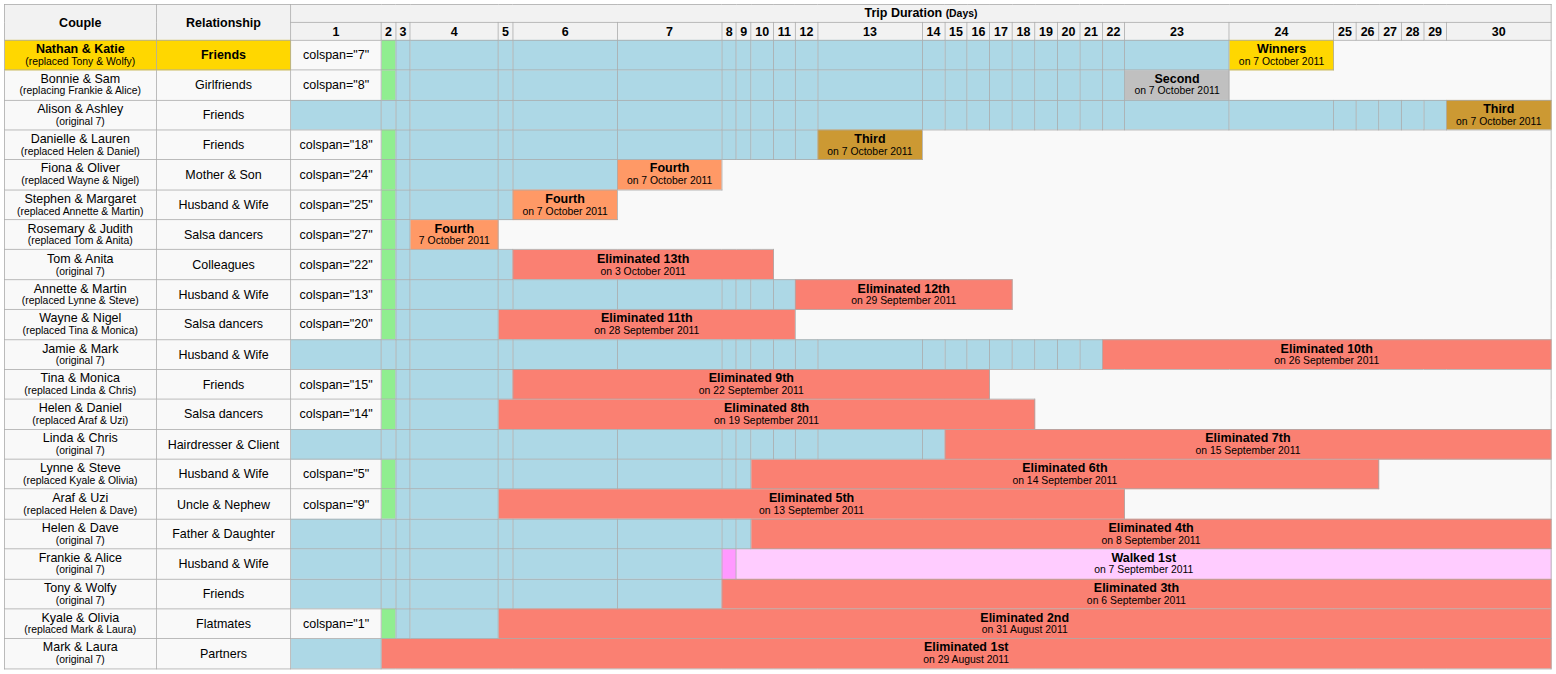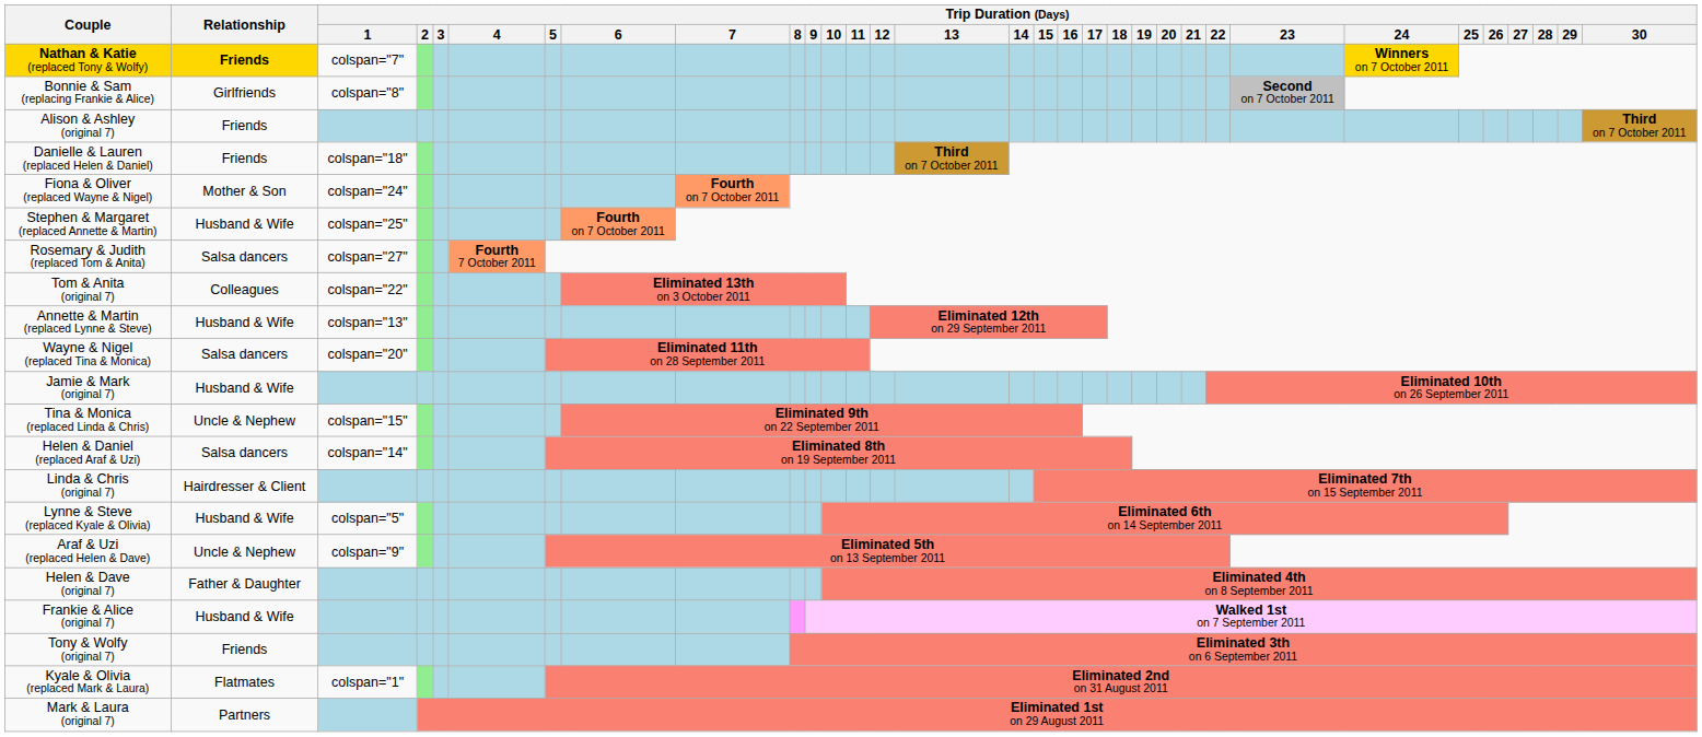 <table class="wikitable" style="text-align:center; width:100%; line-height:15px;">
 <tr>
 <th rowspan="2">Couple</th>
 <th rowspan="2">Relationship</th>
 <th colspan="30">Trip Duration <small>(Days)</small></th>
 </tr>
 <tr>
 <th>1</th>
 <th>2</th>
 <th>3</th>
 <th>4</th>
 <th>5</th>
 <th>6</th>
 <th>7</th>
 <th>8</th>
 <th>9</th>
 <th>10</th>
 <th>11</th>
 <th>12</th>
 <th>13</th>
 <th>14</th>
 <th>15</th>
 <th>16</th>
 <th>17</th>
 <th>18</th>
 <th>19</th>
 <th>20</th>
 <th>21</th>
 <th>22</th>
 <th>23</th>
 <th>24</th>
 <th>25</th>
 <th>26</th>
 <th>27</th>
 <th>28</th>
 <th>29</th>
 <th>30</th>
 </tr>
 <tr>
 <td style="background:gold;"><strong>Nathan & Katie</strong><br><small>(replaced Tony & Wolfy)</small></td>
 <td style="background:gold;"><strong>Friends</strong></td>
 <td>colspan="7" </td>
 <td style="background:lightgreen;"></td>
 <td style="background:lightblue;"></td>
 <td style="background:lightblue;"></td>
 <td style="background:lightblue;"></td>
 <td style="background:lightblue;"></td>
 <td style="background:lightblue;"></td>
 <td style="background:lightblue;"></td>
 <td style="background:lightblue;"></td>
 <td style="background:lightblue;"></td>
 <td style="background:lightblue;"></td>
 <td style="background:lightblue;"></td>
 <td style="background:lightblue;"></td>
 <td style="background:lightblue;"></td>
 <td style="background:lightblue;"></td>
 <td style="background:lightblue;"></td>
 <td style="background:lightblue;"></td>
 <td style="background:lightblue;"></td>
 <td style="background:lightblue;"></td>
 <td style="background:lightblue;"></td>
 <td style="background:lightblue;"></td>
 <td style="background:lightblue;"></td>
 <td style="background:lightblue;"></td>
 <td colspan="1" style="background:gold;"><strong>Winners</strong><br><small>on 7 October 2011</small></td>
 </tr>
 <tr>
 <td>Bonnie & Sam<br><small>(replacing Frankie & Alice)</small></td>
 <td>Girlfriends</td>
 <td>colspan="8" </td>
 <td style="background:lightgreen;"></td>
 <td style="background:lightblue;"></td>
 <td style="background:lightblue;"></td>
 <td style="background:lightblue;"></td>
 <td style="background:lightblue;"></td>
 <td style="background:lightblue;"></td>
 <td style="background:lightblue;"></td>
 <td style="background:lightblue;"></td>
 <td style="background:lightblue;"></td>
 <td style="background:lightblue;"></td>
 <td style="background:lightblue;"></td>
 <td style="background:lightblue;"></td>
 <td style="background:lightblue;"></td>
 <td style="background:lightblue;"></td>
 <td style="background:lightblue;"></td>
 <td style="background:lightblue;"></td>
 <td style="background:lightblue;"></td>
 <td style="background:lightblue;"></td>
 <td style="background:lightblue;"></td>
 <td style="background:lightblue;"></td>
 <td style="background:lightblue;"></td>
 <td colspan="1" style="background:silver;"><strong>Second</strong><br><small>on 7 October 2011</small></td>
 </tr>
 <tr>
 <td>Alison & Ashley<br><small>(original 7)</small></td>
 <td>Friends</td>
 <td style="background:lightblue;”"></td>
 <td style="background:lightblue;"></td>
 <td style="background:lightblue;"></td>
 <td style="background:lightblue;"></td>
 <td style="background:lightblue;"></td>
 <td style="background:lightblue;”"></td>
 <td style="background:lightblue;”"></td>
 <td style="background:lightblue;”"></td>
 <td style="background:lightblue;”"></td>
 <td style="background:lightblue;”"></td>
 <td style="background:lightblue;”"></td>
 <td style="background:lightblue;”"></td>
 <td style="background:lightblue;”"></td>
 <td style="background:lightblue;”"></td>
 <td style="background:lightblue;”"></td>
 <td style="background:lightblue;”"></td>
 <td style="background:lightblue;”"></td>
 <td style="background:lightblue;”"></td>
 <td style="background:lightblue;”"></td>
 <td style="background:lightblue;”"></td>
 <td style="background:lightblue;”"></td>
 <td style="background:lightblue;”"></td>
 <td style="background:lightblue;”"></td>
 <td style="background:lightblue;”"></td>
 <td style="background:lightblue;”"></td>
 <td style="background:lightblue;”"></td>
 <td style="background:lightblue;”"></td>
 <td style="background:lightblue;”"></td>
 <td style="background:lightblue;”"></td>
 <td colspan="1" style="background:#cc9933;"><strong>Third</strong><br><small>on 7 October 2011</small></td>
 </tr>
 <tr>
 <td>Danielle & Lauren<br><small>(replaced Helen & Daniel)</small></td>
 <td>Friends</td>
 <td>colspan="18" </td>
 <td style="background:lightgreen;”"></td>
 <td style="background:lightblue;"></td>
 <td style="background:lightblue;"></td>
 <td style="background:lightblue;"></td>
 <td style="background:lightblue;"></td>
 <td style="background:lightblue;"></td>
 <td style="background:lightblue;"></td>
 <td style="background:lightblue;"></td>
 <td style="background:lightblue;"></td>
 <td style="background:lightblue;"></td>
 <td style="background:lightblue;"></td>
 <td colspan="1" style="background:#cc9933;"><strong>Third</strong><br><small>on 7 October 2011</small></td>
 </tr>
 <tr>
 <td>Fiona & Oliver<br><small>(replaced Wayne & Nigel)</small></td>
 <td>Mother & Son</td>
 <td>colspan="24" </td>
 <td style="background:lightgreen;”"></td>
 <td style="background:lightblue;"></td>
 <td style="background:lightblue;"></td>
 <td style="background:lightblue;"></td>
 <td style="background:lightblue;"></td>
 <td colspan="1" style="background:#ff9966;"><strong>Fourth</strong><br><small>on 7 October 2011</small></td>
 </tr>
 <tr>
 <td>Stephen & Margaret<br><small>(replaced Annette & Martin)</small></td>
 <td>Husband & Wife</td>
 <td>colspan="25" </td>
 <td style="background:lightgreen;”"></td>
 <td style="background:lightblue;"></td>
 <td style="background:lightblue;"></td>
 <td style="background:lightblue;"></td>
 <td colspan="1" style="background:#ff9966;"><strong>Fourth</strong><br><small>on 7 October 2011</small></td>
 </tr>
 <tr>
 <td>Rosemary & Judith<br><small>(replaced Tom & Anita)</small></td>
 <td>Salsa dancers</td>
 <td>colspan="27" </td>
 <td style="background:lightgreen;”"></td>
 <td style="background:lightblue;”"></td>
 <td colspan="1" style="background:#ff9966;"><strong>Fourth</strong><br><small>7 October 2011</small></td>
 </tr>
 <tr>
 <td>Tom & Anita<br><small>(original 7)</small></td>
 <td>Colleagues</td>
 <td>colspan="22" </td>
 <td style="background:lightgreen;"></td>
 <td style="background:lightblue;"></td>
 <td style="background:lightblue;"></td>
 <td style="background:lightblue;"></td>
 <td colspan="5" style="background:salmon;"><strong>Eliminated 13th</strong><br><small>on 3 October 2011</small></td>
 </tr>
 <tr>
 <td>Annette & Martin<br><small>(replaced Lynne & Steve)</small></td>
 <td>Husband & Wife</td>
 <td>colspan="13" </td>
 <td style="background:lightgreen;"></td>
 <td style="background:lightblue;"></td>
 <td style="background:lightblue;"></td>
 <td style="background:lightblue;"></td>
 <td style="background:lightblue;"></td>
 <td style="background:lightblue;"></td>
 <td style="background:lightblue;"></td>
 <td style="background:lightblue;"></td>
 <td style="background:lightblue;"></td>
 <td style="background:lightblue;"></td>
 <td colspan="6" style="background:salmon;"><strong>Eliminated 12th</strong><br><small>on 29 September 2011</small></td>
 </tr>
 <tr>
 <td>Wayne & Nigel<br><small>(replaced Tina & Monica)</small></td>
 <td>Salsa dancers</td>
 <td>colspan="20" </td>
 <td style="background:lightgreen;"></td>
 <td style="background:lightblue;"></td>
 <td style="background:lightblue;"></td>
 <td colspan="7" style="background:salmon;"><strong>Eliminated 11th</strong><br><small>on 28 September 2011</small></td>
 </tr>
 <tr>
 <td>Jamie & Mark<br><small>(original 7)</small></td>
 <td>Husband & Wife</td>
 <td style="background:lightblue;"></td>
 <td style="background:lightblue;"></td>
 <td style="background:lightblue;"></td>
 <td style="background:lightblue;"></td>
 <td style="background:lightblue;"></td>
 <td style="background:lightblue;"></td>
 <td style="background:lightblue;"></td>
 <td style="background:lightblue;"></td>
 <td style="background:lightblue;"></td>
 <td style="background:lightblue;"></td>
 <td style="background:lightblue;"></td>
 <td style="background:lightblue;"></td>
 <td style="background:lightblue;"></td>
 <td style="background:lightblue;"></td>
 <td style="background:lightblue;"></td>
 <td style="background:lightblue;"></td>
 <td style="background:lightblue;"></td>
 <td style="background:lightblue;"></td>
 <td style="background:lightblue;"></td>
 <td style="background:lightblue;"></td>
 <td style="background:lightblue;"></td>
 <td colspan="9" style="background:salmon;"><strong>Eliminated 10th</strong><br><small>on 26 September 2011</small></td>
 </tr>
 <tr>
 <td>Tina & Monica<br><small>(replaced Linda & Chris)</small></td>
-<td>Friends</td>
+<td>Uncle & Nephew</td>
 <td>colspan="15" </td>
 <td style="background:lightgreen;"></td>
 <td style="background:lightblue;"></td>
 <td style="background:lightblue;"></td>
 <td style="background:lightblue;"></td>
 <td colspan="11" style="background:salmon;"><strong>Eliminated 9th</strong><br><small>on 22 September 2011</small></td>
 </tr>
 <tr>
 <td>Helen & Daniel<br><small>(replaced Araf & Uzi)</small></td>
 <td>Salsa dancers</td>
 <td>colspan="14" </td>
 <td style="background:lightgreen;"></td>
 <td style="background:lightblue;"></td>
 <td style="background:lightblue;"></td>
 <td colspan="14" style="background:salmon;"><strong>Eliminated 8th</strong><br><small>on 19 September 2011</small></td>
 </tr>
 <tr>
 <td>Linda & Chris<br><small>(original 7)</small></td>
 <td>Hairdresser & Client</td>
 <td style="background:lightblue;"></td>
 <td style="background:lightblue;"></td>
 <td style="background:lightblue;"></td>
 <td style="background:lightblue;"></td>
 <td style="background:lightblue;"></td>
 <td style="background:lightblue;"></td>
 <td style="background:lightblue;"></td>
 <td style="background:lightblue;"></td>
 <td style="background:lightblue;"></td>
 <td style="background:lightblue;"></td>
 <td style="background:lightblue;"></td>
 <td style="background:lightblue;"></td>
 <td style="background:lightblue;"></td>
 <td style="background:lightblue;"></td>
 <td colspan="16" style="background:salmon;"><strong>Eliminated 7th</strong><br><small>on 15 September 2011</small></td>
 </tr>
 <tr>
 <td>Lynne & Steve<br><small>(replaced Kyale & Olivia)</small></td>
 <td>Husband & Wife</td>
 <td>colspan="5" </td>
 <td style="background:lightgreen;"></td>
 <td style="background:lightblue;"></td>
 <td style="background:lightblue;"></td>
 <td style="background:lightblue;"></td>
 <td style="background:lightblue;"></td>
 <td style="background:lightblue;"></td>
 <td style="background:lightblue;"></td>
 <td style="background:lightblue;"></td>
 <td colspan="17" style="background:salmon;"><strong>Eliminated 6th</strong><br><small>on 14 September 2011</small></td>
 </tr>
 <tr>
 <td>Araf & Uzi<br><small>(replaced Helen & Dave)</small></td>
 <td>Uncle & Nephew</td>
 <td>colspan="9" </td>
 <td style="background:lightgreen;"></td>
 <td style="background:lightblue;"></td>
 <td style="background:lightblue;"></td>
 <td colspan="18" style="background:salmon;"><strong>Eliminated 5th</strong><br><small>on 13 September 2011</small></td>
 </tr>
 <tr>
 <td>Helen & Dave<br><small>(original 7)</small></td>
 <td>Father & Daughter</td>
 <td style="background:lightblue;"></td>
 <td style="background:lightblue;"></td>
 <td style="background:lightblue;"></td>
 <td style="background:lightblue;"></td>
 <td style="background:lightblue;"></td>
 <td style="background:lightblue;"></td>
 <td style="background:lightblue;"></td>
 <td style="background:lightblue;"></td>
 <td style="background:lightblue;"></td>
 <td colspan="21" style="background:salmon;"><strong>Eliminated 4th</strong><br><small>on 8 September 2011</small></td>
 </tr>
 <tr>
 <td>Frankie & Alice<br><small>(original 7)</small></td>
 <td>Husband & Wife</td>
 <td style="background:lightblue;"></td>
 <td style="background:lightblue;”"></td>
 <td style="background:lightblue;”"></td>
 <td style="background:lightblue;”"></td>
 <td style="background:lightblue;”"></td>
 <td style="background:lightblue;"></td>
 <td style="background:lightblue;"></td>
 <td style="background:#ff99ff;"></td>
 <td colspan="22" style="background:#ffccff;"><strong>Walked 1st</strong><br><small>on 7 September 2011</small></td>
 </tr>
 <tr>
 <td>Tony & Wolfy<br><small>(original 7)</small></td>
 <td>Friends</td>
 <td style="background:lightblue;"></td>
 <td style="background:lightblue;"></td>
 <td style="background:lightblue;"></td>
 <td style="background:lightblue;"></td>
 <td style="background:lightblue;"></td>
 <td style="background:lightblue;"></td>
 <td style="background:lightblue;"></td>
 <td colspan="23" style="background:salmon;"><strong>Eliminated 3th</strong><br><small>on 6 September 2011</small></td>
 </tr>
 <tr>
 <td>Kyale & Olivia<br><small>(replaced Mark & Laura)</small></td>
 <td>Flatmates</td>
 <td>colspan="1" </td>
 <td style="background:lightgreen;”"></td>
 <td style="background:lightblue;"></td>
 <td style="background:lightblue;"></td>
 <td colspan="26" style="background:salmon;"><strong>Eliminated 2nd</strong><br><small>on 31 August 2011</small></td>
 </tr>
 <tr>
 <td>Mark & Laura<br><small>(original 7)</small></td>
 <td>Partners</td>
 <td style="background:lightblue;"></td>
 <td colspan="29" style="background:salmon;"><strong>Eliminated 1st</strong><br><small>on 29 August 2011</small></td>
 </tr>
 </table>
